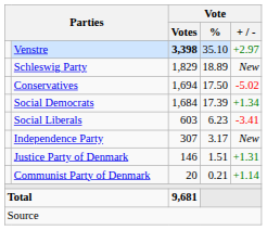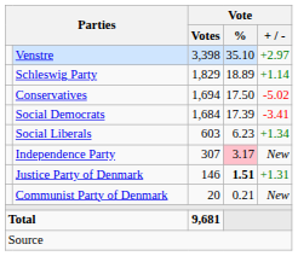 <table class="wikitable" style="text-align:right;">
 <tr>
 <th style="text-align:centre;" rowspan="2" colspan="2" width="225">Parties</th>
 <th colspan="3">Vote</th>
 </tr>
 <tr>
 <th width="15">Votes</th>
 <th width="15">%</th>
 <th width="15">+ / -</th>
 </tr>
 <tr>
 <td width="2" style="color:inherit;background:"></td>
 <td bgcolor=#cfe5fe  align="left"><a href='#'>Venstre</a></td>
-<td bgcolor=#cfe5fe><strong>3,398</strong></td>
+<td bgcolor=#cfe5fe>3,398</td>
 <td bgcolor=#cfe5fe>35.10</td>
 <td style=color:green;>+2.97</td>
 </tr>
 <tr>
 <td width="2" style="color:inherit;background:"></td>
 <td align="left"><a href='#'>Schleswig Party</a></td>
 <td>1,829</td>
 <td>18.89</td>
-<td><em>New</em></td>
+<td style=color:green;>+1.14</td>
 </tr>
 <tr>
 <td width="2" style="color:inherit;background:"></td>
 <td align="left"><a href='#'>Conservatives</a></td>
 <td>1,694</td>
 <td>17.50</td>
 <td style=color:red;>-5.02</td>
 </tr>
 <tr>
 <td width="2" style="color:inherit;background:"></td>
 <td align="left"><a href='#'>Social Democrats</a></td>
 <td>1,684</td>
 <td>17.39</td>
-<td style=color:green;>+1.34</td>
+<td style=color:red;>-3.41</td>
 </tr>
 <tr>
 <td width="2" style="color:inherit;background:"></td>
 <td align="left"><a href='#'>Social Liberals</a></td>
 <td>603</td>
 <td>6.23</td>
-<td style=color:red;>-3.41</td>
+<td style=color:green;>+1.34</td>
 </tr>
 <tr>
 <td width="2" style="color:inherit;background:"></td>
 <td align="left"><a href='#'>Independence Party</a></td>
 <td>307</td>
-<td>3.17</td>
+<td style="background: pink;">3.17</td>
 <td><em>New</em></td>
 </tr>
 <tr>
 <td width="2" style="color:inherit;background:"></td>
 <td align="left"><a href='#'>Justice Party of Denmark</a></td>
 <td>146</td>
-<td>1.51</td>
+<td><strong>1.51</strong></td>
 <td style=color:green;>+1.31</td>
 </tr>
 <tr>
 <td width="2" style="color:inherit;background:"></td>
 <td align="left"><a href='#'>Communist Party of Denmark</a></td>
 <td>20</td>
 <td>0.21</td>
-<td style=color:green;>+1.14</td>
+<td><em>New</em></td>
 </tr>
 <tr>
 <td colspan="7" bgcolor="#E9E9E9"></td>
 </tr>
 <tr>
 <td align="left" colspan="2"><strong>Total</strong></td>
 <td><strong>9,681</strong></td>
 <td bgcolor="#E9E9E9" colspan="2"></td>
 </tr>
 <tr>
 <td align="left" colspan="6">Source</td>
 </tr>
 </table>
